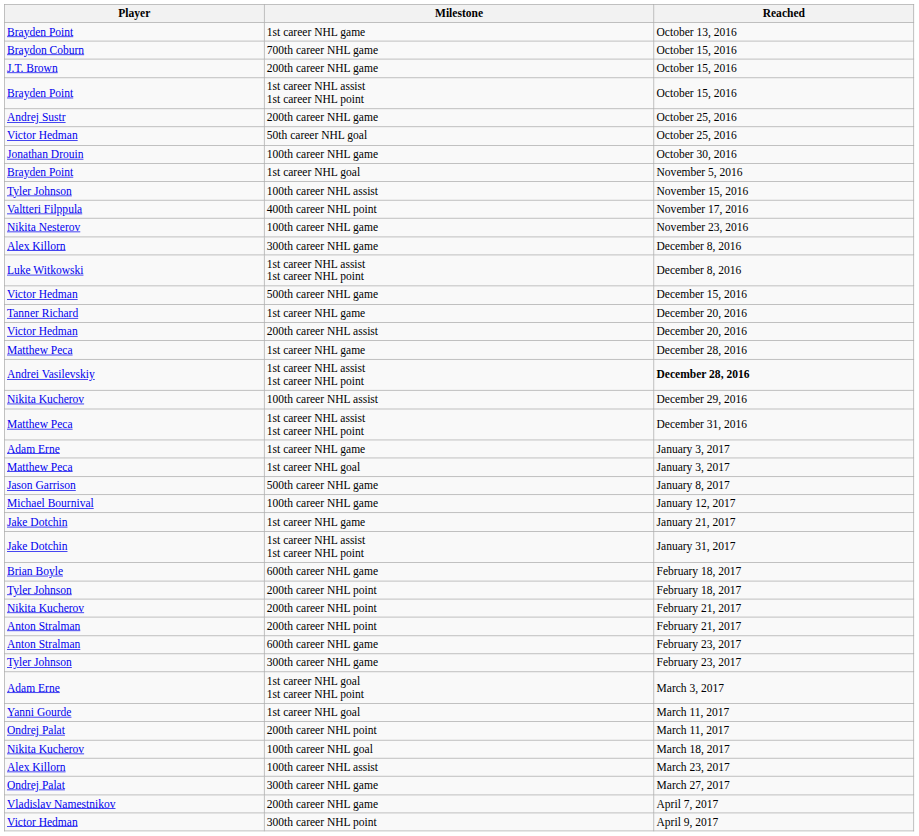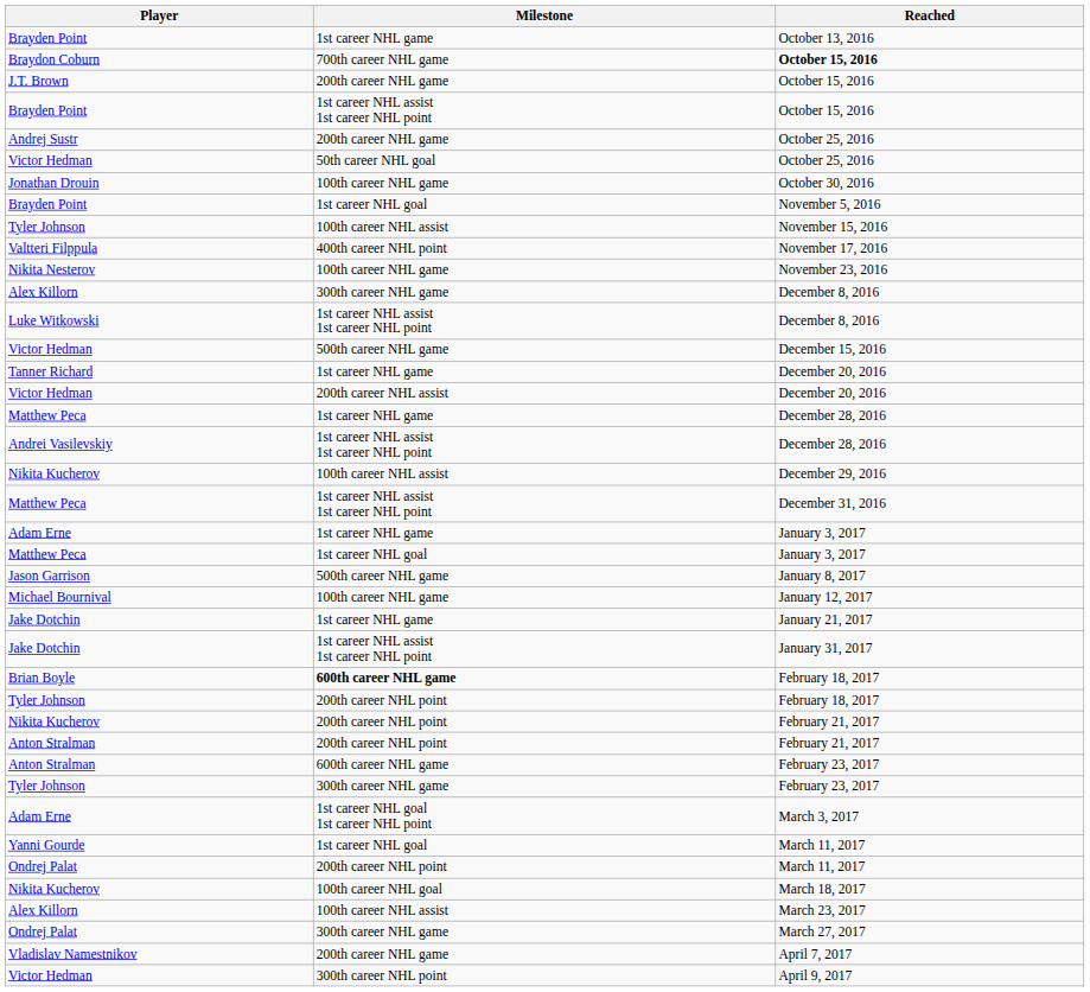 <table class="wikitable sortable" style="width:100%;">
 <tr align=center>
 <th style="width:20%;">Player</th>
 <th style="width:30%;">Milestone</th>
 <th style="width:20%;" data-sort-type="date">Reached</th>
 </tr>
 <tr>
 <td><a href='#'>Brayden Point</a></td>
 <td>1st career NHL game</td>
 <td>October 13, 2016</td>
 </tr>
 <tr>
 <td><a href='#'>Braydon Coburn</a></td>
 <td>700th career NHL game</td>
-<td>October 15, 2016</td>
+<td><strong>October 15, 2016</strong></td>
 </tr>
 <tr>
 <td><a href='#'>J.T. Brown</a></td>
 <td>200th career NHL game</td>
 <td>October 15, 2016</td>
 </tr>
 <tr>
 <td><a href='#'>Brayden Point</a></td>
 <td>1st career NHL assist<br>1st career NHL point</td>
 <td>October 15, 2016</td>
 </tr>
 <tr>
 <td><a href='#'>Andrej Sustr</a></td>
 <td>200th career NHL game</td>
 <td>October 25, 2016</td>
 </tr>
 <tr>
 <td><a href='#'>Victor Hedman</a></td>
 <td>50th career NHL goal</td>
 <td>October 25, 2016</td>
 </tr>
 <tr>
 <td><a href='#'>Jonathan Drouin</a></td>
 <td>100th career NHL game</td>
 <td>October 30, 2016</td>
 </tr>
 <tr>
 <td><a href='#'>Brayden Point</a></td>
 <td>1st career NHL goal</td>
 <td>November 5, 2016</td>
 </tr>
 <tr>
 <td><a href='#'>Tyler Johnson</a></td>
 <td>100th career NHL assist</td>
 <td>November 15, 2016</td>
 </tr>
 <tr>
 <td><a href='#'>Valtteri Filppula</a></td>
 <td>400th career NHL point</td>
 <td>November 17, 2016</td>
 </tr>
 <tr>
 <td><a href='#'>Nikita Nesterov</a></td>
 <td>100th career NHL game</td>
 <td>November 23, 2016</td>
 </tr>
 <tr>
 <td><a href='#'>Alex Killorn</a></td>
 <td>300th career NHL game</td>
 <td>December 8, 2016</td>
 </tr>
 <tr>
 <td><a href='#'>Luke Witkowski</a></td>
 <td>1st career NHL assist<br>1st career NHL point</td>
 <td>December 8, 2016</td>
 </tr>
 <tr>
 <td><a href='#'>Victor Hedman</a></td>
 <td>500th career NHL game</td>
 <td>December 15, 2016</td>
 </tr>
 <tr>
 <td><a href='#'>Tanner Richard</a></td>
 <td>1st career NHL game</td>
 <td>December 20, 2016</td>
 </tr>
 <tr>
 <td><a href='#'>Victor Hedman</a></td>
 <td>200th career NHL assist</td>
 <td>December 20, 2016</td>
 </tr>
 <tr>
 <td><a href='#'>Matthew Peca</a></td>
 <td>1st career NHL game</td>
 <td>December 28, 2016</td>
 </tr>
 <tr>
 <td><a href='#'>Andrei Vasilevskiy</a></td>
 <td>1st career NHL assist<br>1st career NHL point</td>
-<td><strong>December 28, 2016</strong></td>
+<td>December 28, 2016</td>
 </tr>
 <tr>
 <td><a href='#'>Nikita Kucherov</a></td>
 <td>100th career NHL assist</td>
 <td>December 29, 2016</td>
 </tr>
 <tr>
 <td><a href='#'>Matthew Peca</a></td>
 <td>1st career NHL assist<br>1st career NHL point</td>
 <td>December 31, 2016</td>
 </tr>
 <tr>
 <td><a href='#'>Adam Erne</a></td>
 <td>1st career NHL game</td>
 <td>January 3, 2017</td>
 </tr>
 <tr>
 <td><a href='#'>Matthew Peca</a></td>
 <td>1st career NHL goal</td>
 <td>January 3, 2017</td>
 </tr>
 <tr>
 <td><a href='#'>Jason Garrison</a></td>
 <td>500th career NHL game</td>
 <td>January 8, 2017</td>
 </tr>
 <tr>
 <td><a href='#'>Michael Bournival</a></td>
 <td>100th career NHL game</td>
 <td>January 12, 2017</td>
 </tr>
 <tr>
 <td><a href='#'>Jake Dotchin</a></td>
 <td>1st career NHL game</td>
 <td>January 21, 2017</td>
 </tr>
 <tr>
 <td><a href='#'>Jake Dotchin</a></td>
 <td>1st career NHL assist<br>1st career NHL point</td>
 <td>January 31, 2017</td>
 </tr>
 <tr>
 <td><a href='#'>Brian Boyle</a></td>
-<td>600th career NHL game</td>
+<td><strong>600th career NHL game</strong></td>
 <td>February 18, 2017</td>
 </tr>
 <tr>
 <td><a href='#'>Tyler Johnson</a></td>
 <td>200th career NHL point</td>
 <td>February 18, 2017</td>
 </tr>
 <tr>
 <td><a href='#'>Nikita Kucherov</a></td>
 <td>200th career NHL point</td>
 <td>February 21, 2017</td>
 </tr>
 <tr>
 <td><a href='#'>Anton Stralman</a></td>
 <td>200th career NHL point</td>
 <td>February 21, 2017</td>
 </tr>
 <tr>
 <td><a href='#'>Anton Stralman</a></td>
 <td>600th career NHL game</td>
 <td>February 23, 2017</td>
 </tr>
 <tr>
 <td><a href='#'>Tyler Johnson</a></td>
 <td>300th career NHL game</td>
 <td>February 23, 2017</td>
 </tr>
 <tr>
 <td><a href='#'>Adam Erne</a></td>
 <td>1st career NHL goal<br>1st career NHL point</td>
 <td>March 3, 2017</td>
 </tr>
 <tr>
 <td><a href='#'>Yanni Gourde</a></td>
 <td>1st career NHL goal</td>
 <td>March 11, 2017</td>
 </tr>
 <tr>
 <td><a href='#'>Ondrej Palat</a></td>
 <td>200th career NHL point</td>
 <td>March 11, 2017</td>
 </tr>
 <tr>
 <td><a href='#'>Nikita Kucherov</a></td>
 <td>100th career NHL goal</td>
 <td>March 18, 2017</td>
 </tr>
 <tr>
 <td><a href='#'>Alex Killorn</a></td>
 <td>100th career NHL assist</td>
 <td>March 23, 2017</td>
 </tr>
 <tr>
 <td><a href='#'>Ondrej Palat</a></td>
 <td>300th career NHL game</td>
 <td>March 27, 2017</td>
 </tr>
 <tr>
 <td><a href='#'>Vladislav Namestnikov</a></td>
 <td>200th career NHL game</td>
 <td>April 7, 2017</td>
 </tr>
 <tr>
 <td><a href='#'>Victor Hedman</a></td>
 <td>300th career NHL point</td>
 <td>April 9, 2017</td>
 </tr>
 </table>
